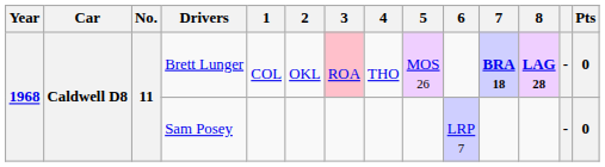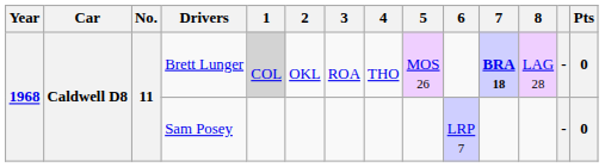 <table class="wikitable collapsible" style="text-align:center; font-size:75%">
 <tr>
 <th>Year</th>
 <th>Car</th>
 <th>No.</th>
 <th>Drivers</th>
 <th>1</th>
 <th>2</th>
 <th>3</th>
 <th>4</th>
 <th>5</th>
 <th>6</th>
 <th>7</th>
 <th>8</th>
 <th></th>
 <th>Pts</th>
 </tr>
 <tr>
 <th rowspan=2><a href='#'>1968</a></th>
 <th rowspan=2>Caldwell D8</th>
 <th rowspan=2>11</th>
 <td align="left"> <a href='#'>Brett Lunger</a></td>
-<td> <br> <a href='#'>COL</a></td>
+<td style="background: lightgrey;"> <br> <a href='#'>COL</a></td>
 <td> <br> <a href='#'>OKL</a></td>
-<td style="background: pink;"> <br> <a href='#'>ROA</a></td>
+<td> <br> <a href='#'>ROA</a></td>
 <td> <br> <a href='#'>THO</a></td>
 <td style="background-color:#efcfff"> <br> <a href='#'>MOS</a><br> <small>26</small></td>
 <td></td>
 <td style="background-color:#cfcfff"><strong> <br> <a href='#'>BRA</a><br> <small>18</small></strong></td>
-<td style="background-color:#efcfff"><strong> <br> <a href='#'>LAG</a> <br> <small>28</small></strong></td>
+<td style="background-color:#efcfff"> <br> <a href='#'>LAG</a> <br> <small>28</small></td>
 <th>-</th>
 <th>0</th>
 </tr>
 <tr>
 <td align="left"> <a href='#'>Sam Posey</a></td>
 <td></td>
 <td></td>
 <td></td>
 <td></td>
 <td></td>
 <td style="background-color:#cfcfff"> <br> <a href='#'>LRP</a> <br> <small>7</small></td>
 <td></td>
 <td></td>
 <th>-</th>
 <th>0</th>
 </tr>
 </table>
